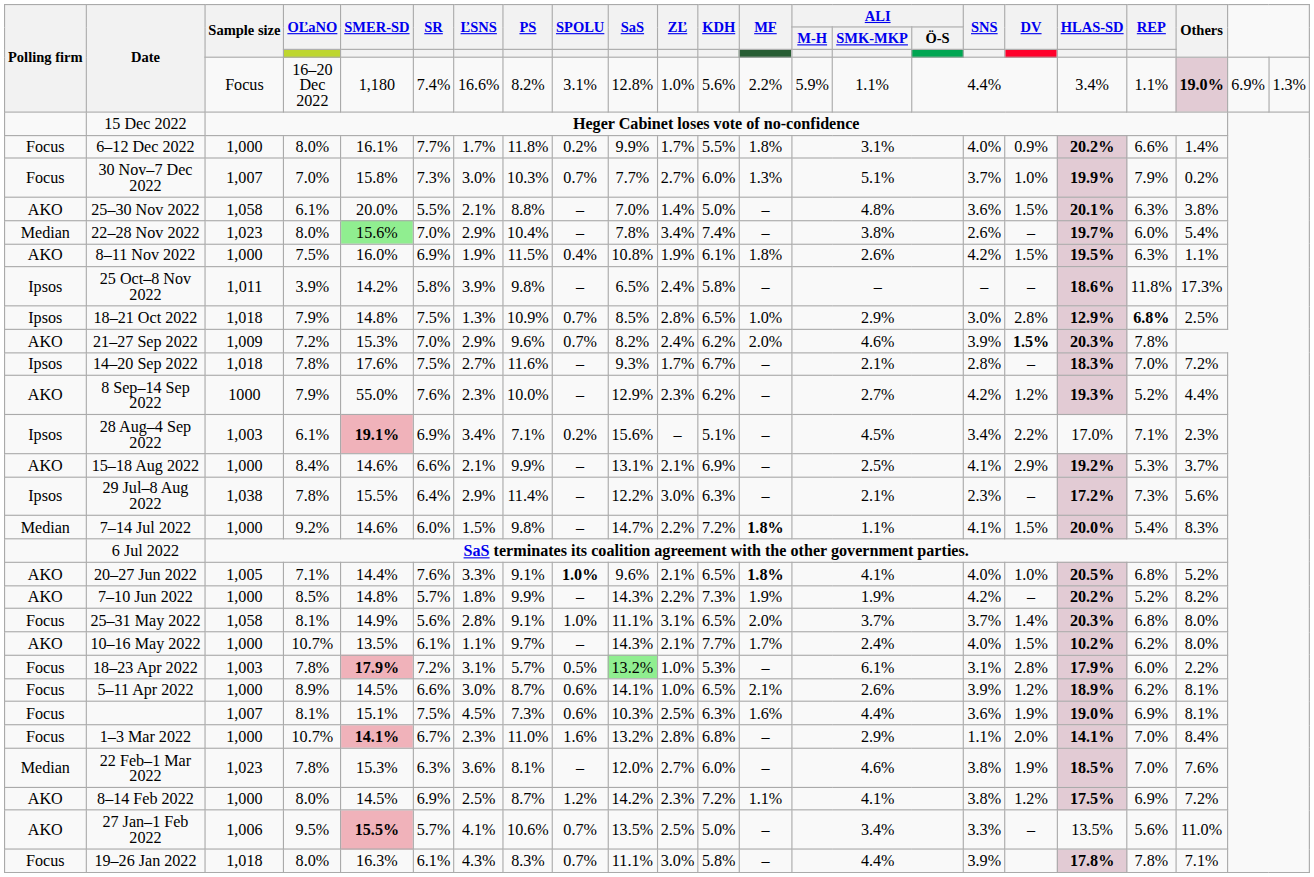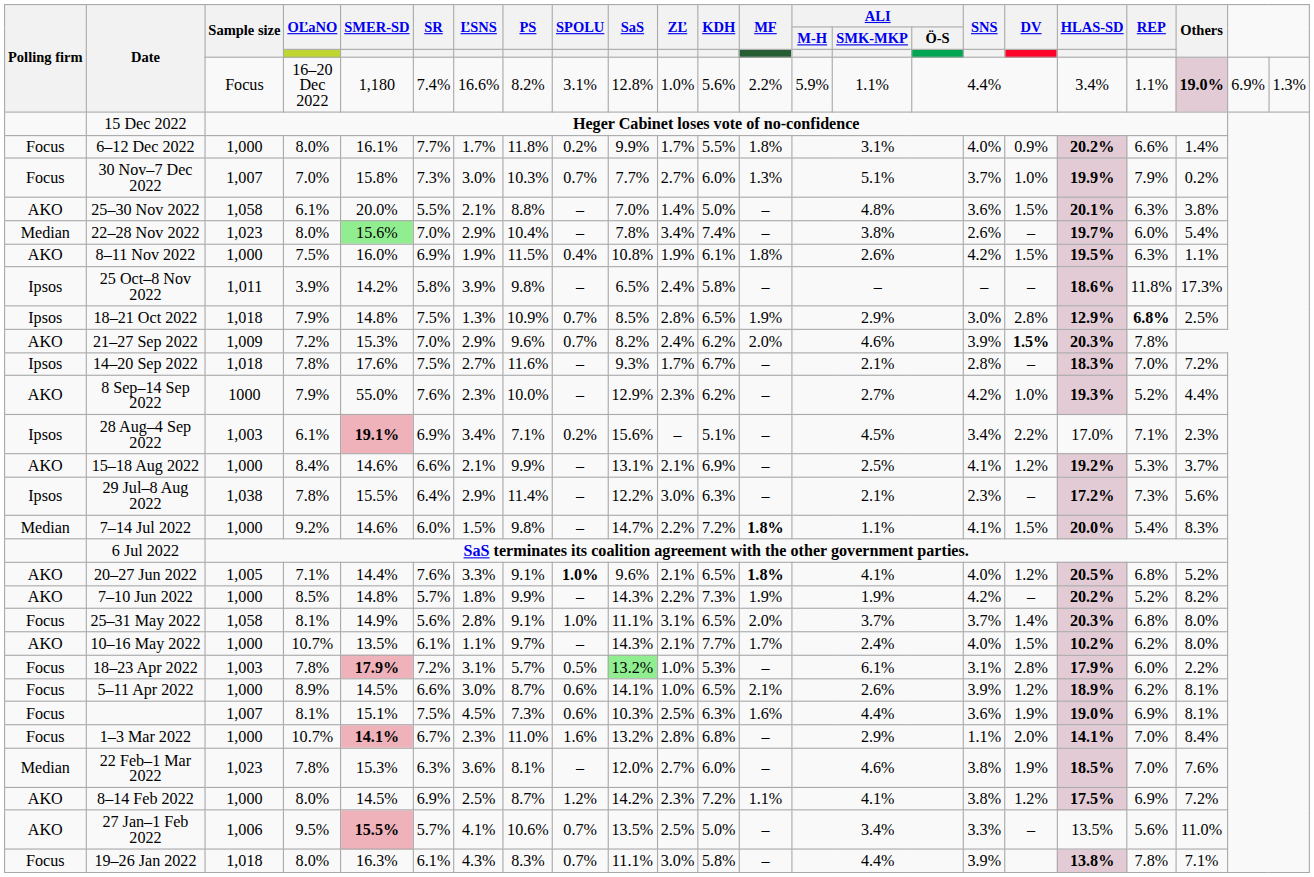 <table class="wikitable sortable nowrap mw-datatable" style="text-align:center; font-size:90%; line-height:14px;">
 <tr style="font-size:90%";>
 <th rowspan="4">Polling firm</th>
 <th style="width:100px;" data-sort-type="date"; rowspan="4">Date</th>
 <th class="unsortable" rowspan="3">Sample size</th>
 <th class="unsortable" rowspan="2"><a href='#'>OĽaNO</a></th>
 <th class="unsortable" rowspan="2"><a href='#'>SMER-SD</a></th>
 <th class="unsortable" rowspan="2"><a href='#'>SR</a></th>
 <th class="unsortable" rowspan="2"><a href='#'>ĽSNS</a></th>
 <th class="unsortable" rowspan="2"><a href='#'>PS</a></th>
 <th class="unsortable" rowspan="2"><a href='#'>SPOLU</a></th>
 <th class="unsortable" rowspan="2"><a href='#'>SaS</a></th>
 <th class="unsortable" rowspan="2"><a href='#'>ZĽ</a></th>
 <th class="unsortable" rowspan="2"><a href='#'>KDH</a></th>
 <th class="unsortable" rowspan="2"><a href='#'>MF</a></th>
 <th class="unsortable" colspan="3"><a href='#'>ALI</a></th>
 <th class="unsortable" rowspan="2"><a href='#'>SNS</a></th>
 <th class="unsortable" rowspan="2"><a href='#'>DV</a></th>
 <th class="unsortable" rowspan="2"><a href='#'>HLAS-SD</a></th>
 <th class="unsortable" rowspan="2"><a href='#'>REP</a></th>
 <th class="unsortable" style="width:20px;" rowspan="3">Others</th>
 </tr>
 <tr style="font-size:90%";>
 <th class="unsortable"><a href='#'>M-H</a></th>
 <th class="unsortable"><a href='#'>SMK-MKP</a></th>
 <th class="unsortable">Ö-S</th>
 </tr>
 <tr>
 <th style="background:#BED62F; width:40px;"></th>
 <th style="background:"></th>
 <th style="background:"></th>
 <th style="background:"></th>
 <th style="background:"></th>
 <th style="background:"></th>
 <th style="background:"></th>
 <th style="background:"></th>
 <th style="background:"></th>
 <th style="background:#275D33; width:40px;"></th>
 <th style="background:"></th>
 <th style="background:"></th>
 <th style="background:#00A652; width:40px;"></th>
 <th style="background:"></th>
 <th style="background:#FF002B; width:40px;"></th>
 <th style="background:"></th>
 <th style="background:"></th>
 </tr>
 <tr>
 <td>Focus</td>
 <td data-sort-value="2022-12-20">16–20 Dec 2022</td>
 <td>1,180</td>
 <td>7.4%<br></td>
 <td>16.6%<br></td>
 <td>8.2%<br></td>
 <td>3.1%<br></td>
 <td>12.8%<br></td>
 <td>1.0%<br></td>
 <td>5.6%<br></td>
 <td>2.2%<br></td>
 <td>5.9%<br></td>
 <td>1.1%<br></td>
 <td colspan=3>4.4%<br></td>
 <td>3.4%<br></td>
 <td>1.1%<br></td>
 <td style="background:#E2CBD4;"><strong>19.0%</strong><br></td>
 <td>6.9%<br></td>
 <td>1.3%</td>
 </tr>
 <tr>
 <td></td>
 <td data-sort-value="2022-12-15">15 Dec 2022</td>
 <td colspan="19"><strong>Heger Cabinet loses vote of no-confidence</strong></td>
 </tr>
 <tr>
 <td>Focus</td>
 <td data-sort-value="2022-12-12">6–12 Dec 2022</td>
 <td>1,000</td>
 <td>8.0%<br></td>
 <td>16.1%<br></td>
 <td>7.7%<br></td>
 <td>1.7%<br></td>
 <td>11.8%<br></td>
 <td>0.2%<br></td>
 <td>9.9%<br></td>
 <td>1.7%<br></td>
 <td>5.5%<br></td>
 <td>1.8%<br></td>
 <td colspan=3>3.1%<br></td>
 <td>4.0%<br></td>
 <td>0.9%<br></td>
 <td style="background:#E2CBD4;"><strong>20.2%</strong><br></td>
 <td>6.6%<br></td>
 <td>1.4%</td>
 </tr>
 <tr>
 <td>Focus</td>
 <td data-sort-value="2022-12-07">30 Nov–7 Dec 2022</td>
 <td>1,007</td>
 <td>7.0%<br></td>
 <td>15.8%<br></td>
 <td>7.3%<br></td>
 <td>3.0%<br></td>
 <td>10.3%<br></td>
 <td>0.7%<br></td>
 <td>7.7%<br></td>
 <td>2.7%<br></td>
 <td>6.0%<br></td>
 <td>1.3%<br></td>
 <td colspan=3>5.1%<br></td>
 <td>3.7%<br></td>
 <td>1.0%<br></td>
 <td style="background:#E2CBD4;"><strong>19.9%</strong><br></td>
 <td>7.9%<br></td>
 <td>0.2%</td>
 </tr>
 <tr>
 <td>AKO</td>
 <td data-sort-value="2022-11-30">25–30 Nov 2022</td>
 <td>1,058</td>
 <td>6.1%</td>
 <td>20.0%</td>
 <td>5.5%</td>
 <td>2.1%</td>
 <td>8.8%</td>
 <td>–</td>
 <td>7.0%</td>
 <td>1.4%</td>
 <td>5.0%</td>
 <td>–</td>
 <td colspan=3>4.8%</td>
 <td>3.6%</td>
 <td>1.5%<br></td>
 <td style="background:#E2CBD4;"><strong>20.1%</strong></td>
 <td>6.3%</td>
 <td>3.8%</td>
 </tr>
 <tr>
 <td>Median</td>
 <td data-sort-value="2022-11-28">22–28 Nov 2022</td>
 <td>1,023</td>
 <td>8.0%</td>
 <td style="background: lightgreen;">15.6%</td>
 <td>7.0%</td>
 <td>2.9%</td>
 <td>10.4%</td>
 <td>–</td>
 <td>7.8%</td>
 <td>3.4%</td>
 <td>7.4%</td>
 <td>–</td>
 <td colspan=3>3.8%</td>
 <td>2.6%</td>
 <td>–</td>
 <td style="background:#E2CBD4;"><strong>19.7%</strong></td>
 <td>6.0%</td>
 <td>5.4%</td>
 </tr>
 <tr>
 <td>AKO</td>
 <td data-sort-value="2022-11-11">8–11 Nov 2022</td>
 <td>1,000</td>
 <td>7.5%</td>
 <td>16.0%</td>
 <td>6.9%</td>
 <td>1.9%</td>
 <td>11.5%</td>
 <td>0.4%</td>
 <td>10.8%</td>
 <td>1.9%</td>
 <td>6.1%</td>
 <td>1.8%</td>
 <td colspan=3>2.6%</td>
 <td>4.2%</td>
 <td>1.5%</td>
 <td style="background:#E2CBD4;"><strong>19.5%</strong></td>
 <td>6.3%</td>
 <td>1.1%</td>
 </tr>
 <tr>
 <td>Ipsos</td>
 <td data-sort-value="2022-11-08">25 Oct–8 Nov 2022</td>
 <td>1,011</td>
 <td>3.9%</td>
 <td>14.2%</td>
 <td>5.8%</td>
 <td>3.9%</td>
 <td>9.8%</td>
 <td>–</td>
 <td>6.5%</td>
 <td>2.4%</td>
 <td>5.8%</td>
 <td>–</td>
 <td colspan=3>–</td>
 <td>–</td>
 <td>–</td>
 <td style="background:#E2CBD4;"><strong>18.6%</strong></td>
 <td>11.8%</td>
 <td>17.3%</td>
 </tr>
 <tr>
 <td>Ipsos</td>
 <td data-sort-value="2022-10-21">18–21 Oct 2022</td>
 <td>1,018</td>
 <td>7.9%</td>
 <td>14.8%</td>
 <td>7.5%</td>
 <td>1.3%</td>
 <td>10.9%</td>
 <td>0.7%<br></td>
 <td>8.5%</td>
 <td>2.8%</td>
 <td>6.5%</td>
-<td>1.0%</td>
+<td>1.9%<br></td>
 <td colspan=3>2.9%</td>
 <td>3.0%</td>
 <td>2.8%<br></td>
 <td style="background:#E2CBD4;"><strong>12.9%</strong></td>
 <td><strong>6.8%</strong></td>
 <td>2.5%</td>
 </tr>
 <tr>
 <td>AKO</td>
 <td data-sort-value="2022-09-27">21–27 Sep 2022</td>
 <td>1,009</td>
 <td>7.2%<br></td>
 <td>15.3%<br></td>
 <td>7.0%<br></td>
 <td>2.9%<br></td>
 <td>9.6%<br></td>
 <td>0.7%<br></td>
 <td>8.2%<br></td>
 <td>2.4%<br></td>
 <td>6.2%<br></td>
 <td>2.0%<br></td>
 <td colspan=3>4.6%<br></td>
 <td>3.9%<br></td>
 <td><strong>1.5%<br></strong></td>
 <td style="background:#E2CBD4;"><strong>20.3%</strong><br></td>
 <td>7.8%<br></td>
 </tr>
 <tr>
 <td>Ipsos</td>
 <td data-sort-value="2022-09-20">14–20 Sep 2022</td>
 <td>1,018</td>
 <td>7.8%</td>
 <td>17.6%</td>
 <td>7.5%</td>
 <td>2.7%</td>
 <td>11.6%</td>
 <td>–</td>
 <td>9.3%</td>
 <td>1.7%</td>
 <td>6.7%</td>
 <td>–</td>
 <td colspan=3>2.1%</td>
 <td>2.8%</td>
 <td>–</td>
 <td style="background:#E2CBD4;"><strong>18.3%</strong></td>
 <td>7.0%</td>
 <td>7.2%</td>
 </tr>
 <tr>
 <td>AKO</td>
 <td data-sort-value="2022-09-14">8 Sep–14 Sep 2022</td>
 <td>1000</td>
 <td>7.9%<br></td>
 <td>55.0%<br></td>
 <td>7.6%<br></td>
 <td>2.3%<br></td>
 <td>10.0%<br></td>
 <td>–</td>
 <td>12.9%<br></td>
 <td>2.3%<br></td>
 <td>6.2%<br></td>
 <td>–</td>
 <td colspan="3">2.7%<br></td>
 <td>4.2%<br></td>
-<td>1.2%<br></td>
+<td>1.0%<br></td>
 <td bgcolor="#E2CBD4"><strong>19.3%</strong><br></td>
 <td>5.2%<br></td>
 <td>4.4%</td>
 </tr>
 <tr>
 <td>Ipsos</td>
 <td data-sort-value="2022-09-04">28 Aug–4 Sep 2022</td>
 <td>1,003</td>
 <td>6.1%<br></td>
 <td style="background:#F0B2BA;"><strong>19.1%</strong><br></td>
 <td>6.9%<br></td>
 <td>3.4%<br></td>
 <td>7.1%<br></td>
 <td>0.2%<br></td>
 <td>15.6%<br></td>
 <td>–</td>
 <td>5.1%<br></td>
 <td>–</td>
 <td colspan="3">4.5%<br></td>
 <td>3.4%<br></td>
 <td>2.2%<br></td>
 <td>17.0%<br></td>
 <td>7.1%<br></td>
 <td>2.3%</td>
 </tr>
 <tr>
 <td>AKO</td>
 <td data-sort-value="2022-08-18">15–18 Aug 2022</td>
 <td>1,000</td>
 <td>8.4%</td>
 <td>14.6%</td>
 <td>6.6%</td>
 <td>2.1%</td>
 <td>9.9%</td>
 <td>–</td>
 <td>13.1%</td>
 <td>2.1%</td>
 <td>6.9%</td>
 <td>–</td>
 <td colspan=3>2.5%</td>
 <td>4.1%</td>
-<td>2.9%</td>
+<td>1.2%</td>
 <td style="background:#E2CBD4;"><strong>19.2%</strong></td>
 <td>5.3%</td>
 <td>3.7%</td>
 </tr>
 <tr>
 <td>Ipsos</td>
 <td data-sort-value="2022-08-08">29 Jul–8 Aug 2022</td>
 <td>1,038</td>
 <td>7.8%</td>
 <td>15.5%</td>
 <td>6.4%</td>
 <td>2.9%</td>
 <td>11.4%</td>
 <td>–</td>
 <td>12.2%</td>
 <td>3.0%</td>
 <td>6.3%</td>
 <td>–</td>
 <td colspan=3>2.1%</td>
 <td>2.3%</td>
 <td>–</td>
 <td style="background:#E2CBD4;"><strong>17.2%</strong></td>
 <td>7.3%</td>
 <td>5.6%</td>
 </tr>
 <tr>
 <td>Median</td>
 <td data-sort-value="2022-07-14">7–14 Jul 2022</td>
 <td>1,000</td>
 <td>9.2%<br></td>
 <td>14.6%<br></td>
 <td>6.0%<br></td>
 <td>1.5%<br></td>
 <td>9.8%<br></td>
 <td>–</td>
 <td>14.7%<br></td>
 <td>2.2%<br></td>
 <td>7.2%<br></td>
 <td><strong>1.8%<br></strong></td>
 <td colspan=3>1.1%<br></td>
 <td>4.1%<br></td>
 <td>1.5%<br></td>
 <td style="background:#E2CBD4;"><strong>20.0%</strong><br></td>
 <td>5.4%<br></td>
 <td>8.3%</td>
 </tr>
 <tr>
 <td></td>
 <td data-sort-value="2022-07-06">6 Jul 2022</td>
 <td colspan="19"><strong><a href='#'>SaS</a> terminates its coalition agreement with the other government parties.</strong></td>
 </tr>
 <tr>
 <td>AKO</td>
 <td data-sort-value="2022-06-27">20–27 Jun 2022</td>
 <td>1,005</td>
 <td>7.1%<br></td>
 <td>14.4%<br></td>
 <td>7.6%<br></td>
 <td>3.3%<br></td>
 <td>9.1%<br></td>
 <td><strong>1.0%<br></strong></td>
 <td>9.6%<br></td>
 <td>2.1%<br></td>
 <td>6.5%<br></td>
 <td><strong>1.8%<br></strong></td>
 <td colspan=3>4.1%<br></td>
 <td>4.0%<br></td>
-<td>1.0%<br></td>
+<td>1.2%<br></td>
 <td style="background:#E2CBD4;"><strong>20.5%</strong><br></td>
 <td>6.8%<br></td>
 <td>5.2%</td>
 </tr>
 <tr>
 <td>AKO</td>
 <td data-sort-value="2022-06-10">7–10 Jun 2022</td>
 <td>1,000</td>
 <td>8.5%<br></td>
 <td>14.8%<br></td>
 <td>5.7%<br></td>
 <td>1.8%<br></td>
 <td>9.9%<br></td>
 <td>–</td>
 <td>14.3%<br></td>
 <td>2.2%<br></td>
 <td>7.3%<br></td>
 <td>1.9%<br></td>
 <td colspan=3>1.9%<br></td>
 <td>4.2%<br></td>
 <td>–</td>
 <td style="background:#E2CBD4;"><strong>20.2%</strong><br></td>
 <td>5.2%<br></td>
 <td>8.2%</td>
 </tr>
 <tr>
 <td>Focus</td>
 <td data-sort-value="2022-05-31">25–31 May 2022</td>
 <td>1,058</td>
 <td>8.1%<br></td>
 <td>14.9%<br></td>
 <td>5.6%<br></td>
 <td>2.8%<br></td>
 <td>9.1%<br></td>
 <td>1.0%<br></td>
 <td>11.1%<br></td>
 <td>3.1%<br></td>
 <td>6.5%<br></td>
 <td>2.0%<br></td>
 <td colspan=3>3.7%<br></td>
 <td>3.7%<br></td>
 <td>1.4%<br></td>
 <td style="background:#E2CBD4;"><strong>20.3%</strong><br></td>
 <td>6.8%<br></td>
 <td>8.0%</td>
 </tr>
 <tr>
 <td>AKO</td>
 <td data-sort-value="2022-05-16">10–16 May 2022</td>
 <td>1,000</td>
 <td>10.7%<br></td>
 <td>13.5%<br></td>
 <td>6.1%<br></td>
 <td>1.1%<br></td>
 <td>9.7%<br></td>
 <td>–</td>
 <td>14.3%<br></td>
 <td>2.1%<br></td>
 <td>7.7%<br></td>
 <td>1.7%<br></td>
 <td colspan="3">2.4%<br></td>
 <td>4.0%<br></td>
 <td>1.5%<br></td>
 <td style="background:#E2CBD4;"><strong>10.2%</strong><br></td>
 <td>6.2%<br></td>
 <td>8.0%</td>
 </tr>
 <tr>
 <td>Focus</td>
 <td data-sort-value="2022-04-23">18–23 Apr 2022</td>
 <td>1,003</td>
 <td>7.8%<br></td>
 <td style="background:#F0B2BA;"><strong>17.9%</strong><br></td>
 <td>7.2%<br></td>
 <td>3.1%<br></td>
 <td>5.7%<br></td>
 <td>0.5%<br></td>
 <td style="background: lightgreen;">13.2%<br></td>
 <td>1.0%<br></td>
 <td>5.3%<br></td>
 <td>–</td>
 <td colspan="3">6.1%<br></td>
 <td>3.1%<br></td>
 <td>2.8%<br></td>
 <td style="background:#E2CBD4;"><strong>17.9%</strong><br></td>
 <td>6.0%<br></td>
 <td>2.2%</td>
 </tr>
 <tr>
 <td>Focus</td>
 <td data-sort-value="2022-04-11">5–11 Apr 2022</td>
 <td>1,000</td>
 <td>8.9%<br></td>
 <td>14.5%<br></td>
 <td>6.6%<br></td>
 <td>3.0%<br></td>
 <td>8.7%<br></td>
 <td>0.6%<br></td>
 <td>14.1%<br></td>
 <td>1.0%<br></td>
 <td>6.5%<br></td>
 <td>2.1%<br></td>
 <td colspan="3">2.6%<br></td>
 <td>3.9%<br></td>
 <td>1.2%<br></td>
 <td style="background:#E2CBD4;"><strong>18.9%</strong><br></td>
 <td>6.2%<br></td>
 <td>8.1%</td>
 </tr>
 <tr>
 <td>Focus</td>
 <td data-sort-value="2022-04-06"></td>
 <td>1,007</td>
 <td>8.1% <br></td>
 <td>15.1% <br></td>
 <td>7.5% <br></td>
 <td>4.5% <br></td>
 <td>7.3% <br></td>
 <td>0.6%<br></td>
 <td>10.3% <br></td>
 <td>2.5% <br></td>
 <td>6.3% <br></td>
 <td>1.6%<br></td>
 <td colspan="3">4.4% <br></td>
 <td>3.6%<br></td>
 <td>1.9%<br></td>
 <td style="background:#E2CBD4;"><strong>19.0%</strong></td>
 <td>6.9% <br></td>
 <td>8.1%</td>
 </tr>
 <tr>
 <td>Focus</td>
 <td data-sort-value="2022-03-03">1–3 Mar 2022</td>
 <td>1,000</td>
 <td>10.7%</td>
 <td style="background:#F0B2BA;"><strong>14.1%</strong></td>
 <td>6.7%</td>
 <td>2.3%</td>
 <td>11.0%</td>
 <td>1.6%</td>
 <td>13.2%</td>
 <td>2.8%</td>
 <td>6.8%</td>
 <td>–</td>
 <td colspan="3">2.9%</td>
 <td>1.1%</td>
 <td>2.0%</td>
 <td style="background:#E2CBD4;"><strong>14.1%</strong></td>
 <td>7.0%</td>
 <td>8.4%</td>
 </tr>
 <tr>
 <td>Median</td>
 <td data-sort-value="2022-03-01">22 Feb–1 Mar 2022</td>
 <td>1,023</td>
 <td>7.8%<br></td>
 <td>15.3%<br></td>
 <td>6.3%<br></td>
 <td>3.6%<br></td>
 <td>8.1%<br></td>
 <td>–</td>
 <td>12.0%<br></td>
 <td>2.7%<br></td>
 <td>6.0%<br></td>
 <td>–</td>
 <td colspan="3">4.6%<br></td>
 <td>3.8%<br></td>
 <td>1.9%<br></td>
 <td style="background:#E2CBD4;"><strong>18.5%</strong><br></td>
 <td>7.0%<br></td>
 <td>7.6%</td>
 </tr>
 <tr>
 <td>AKO</td>
 <td data-sort-value="2022-02-14">8–14 Feb 2022</td>
 <td>1,000</td>
 <td>8.0%<br></td>
 <td>14.5%<br></td>
 <td>6.9%<br></td>
 <td>2.5%<br></td>
 <td>8.7%<br></td>
 <td>1.2%<br></td>
 <td>14.2%<br></td>
 <td>2.3%<br></td>
 <td>7.2%<br></td>
 <td>1.1%<br></td>
 <td colspan="3">4.1%<br></td>
 <td>3.8%<br></td>
 <td>1.2%<br></td>
 <td style="background:#E2CBD4;"><strong>17.5%</strong><br></td>
 <td>6.9%<br></td>
 <td>7.2%</td>
 </tr>
 <tr>
 <td>AKO</td>
 <td data-sort-value="2022-02-01">27 Jan–1 Feb 2022</td>
 <td>1,006</td>
 <td>9.5%</td>
 <td style="background:#F0B2BA;"><strong>15.5%</strong></td>
 <td>5.7%</td>
 <td>4.1%</td>
 <td>10.6%</td>
 <td>0.7%<br></td>
 <td>13.5%</td>
 <td>2.5%</td>
 <td>5.0%</td>
 <td>–</td>
 <td colspan="3">3.4%</td>
 <td>3.3%</td>
 <td>–</td>
 <td>13.5%</td>
 <td>5.6%</td>
 <td>11.0%</td>
 </tr>
 <tr>
 <td>Focus</td>
 <td data-sort-value="2022-01-26">19–26 Jan 2022</td>
 <td>1,018</td>
 <td>8.0%<br></td>
 <td>16.3%<br></td>
 <td>6.1%<br></td>
 <td>4.3%<br></td>
 <td>8.3%<br></td>
 <td>0.7%<br></td>
 <td>11.1%<br></td>
 <td>3.0%<br></td>
 <td>5.8%<br></td>
 <td>–</td>
 <td colspan="3">4.4%<br></td>
 <td>3.9%<br></td>
 <td></td>
-<td style="background:#E2CBD4;"><strong>17.8%</strong><br></td>
+<td style="background:#E2CBD4;"><strong>13.8%</strong><br></td>
 <td>7.8%<br></td>
 <td>7.1%</td>
 </tr>
 <tr>
 </tr>
 </table>
